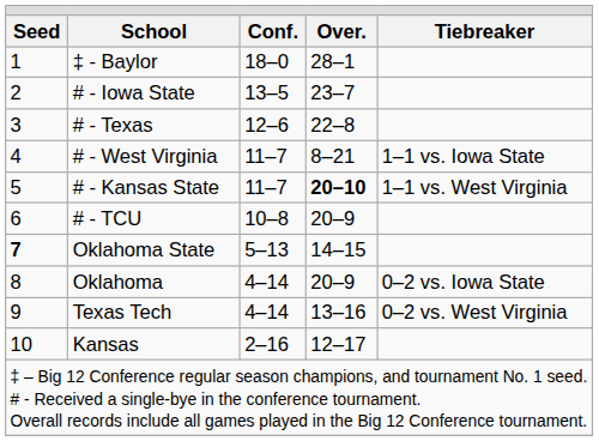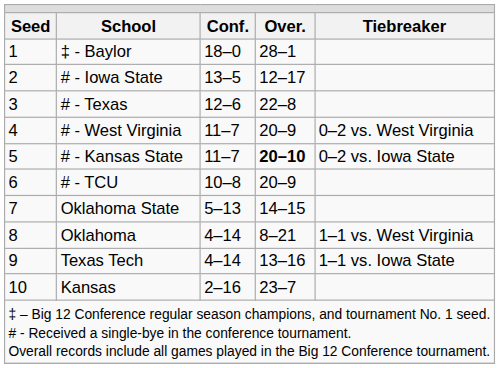 <table class="wikitable" style="white-space:nowrap; font-size:90%;">
 <tr>
 <td colspan="10" style="text-align:center; background:#DDDDDD; font:#000000"><strong></strong></td>
 </tr>
 <tr bgcolor="#efefef">
 <th>Seed</th>
 <th>School</th>
 <th>Conf.</th>
 <th>Over.</th>
 <th>Tiebreaker</th>
 </tr>
 <tr>
 <td>1</td>
 <td>‡ - Baylor</td>
 <td>18–0</td>
 <td>28–1</td>
 <td></td>
 </tr>
 <tr>
 <td>2</td>
 <td># - Iowa State</td>
 <td>13–5</td>
-<td>23–7</td>
+<td>12–17</td>
 <td></td>
 </tr>
 <tr>
 <td>3</td>
 <td># - Texas</td>
 <td>12–6</td>
 <td>22–8</td>
 <td></td>
 </tr>
 <tr>
 <td>4</td>
 <td># - West Virginia</td>
 <td>11–7</td>
-<td>8–21</td>
-<td>1–1 vs. Iowa State</td>
+<td>20–9</td>
+<td>0–2 vs. West Virginia</td>
 </tr>
 <tr>
 <td>5</td>
 <td># - Kansas State</td>
 <td>11–7</td>
 <td><strong>20–10</strong></td>
-<td>1–1 vs. West Virginia</td>
+<td>0–2 vs. Iowa State</td>
 </tr>
 <tr>
 <td>6</td>
 <td># - TCU</td>
 <td>10–8</td>
 <td>20–9</td>
 <td></td>
 </tr>
 <tr>
-<td><strong>7</strong></td>
+<td>7</td>
 <td>Oklahoma State</td>
 <td>5–13</td>
 <td>14–15</td>
 <td></td>
 </tr>
 <tr>
 <td>8</td>
 <td>Oklahoma</td>
 <td>4–14</td>
-<td>20–9</td>
-<td>0–2 vs. Iowa State</td>
+<td>8–21</td>
+<td>1–1 vs. West Virginia</td>
 </tr>
 <tr>
 <td>9</td>
 <td>Texas Tech</td>
 <td>4–14</td>
 <td>13–16</td>
-<td>0–2 vs. West Virginia</td>
+<td>1–1 vs. Iowa State</td>
 </tr>
 <tr>
 <td>10</td>
 <td>Kansas</td>
 <td>2–16</td>
-<td>12–17</td>
+<td>23–7</td>
 <td></td>
 </tr>
 <tr>
 <td colspan="10" style="text-align:left;"><small>‡ – Big 12 Conference regular season champions, and tournament No. 1 seed.<br># - Received a single-bye in the conference tournament.<br>Overall records include all games played in the Big 12 Conference tournament.</small></td>
 </tr>
 <tr>
 </tr>
 </table>
